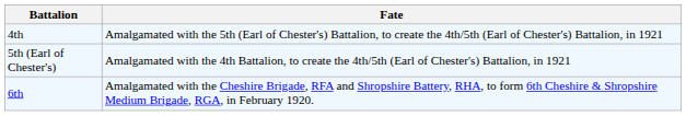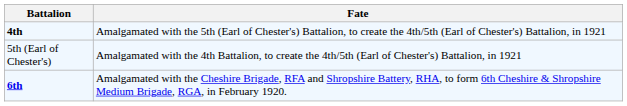 <table class="wikitable" style="width:100%;">
 <tr>
 <th>Battalion</th>
 <th>Fate</th>
 </tr>
 <tr style="background:#f0f8ff;">
-<td>4th</td>
+<td><strong>4th</strong></td>
 <td>Amalgamated with the 5th (Earl of Chester's) Battalion, to create the 4th/5th (Earl of Chester's) Battalion, in 1921</td>
 </tr>
 <tr style="background:#f0f8ff;">
 <td>5th (Earl of Chester's)</td>
 <td>Amalgamated with the 4th Battalion, to create the 4th/5th (Earl of Chester's) Battalion, in 1921</td>
 </tr>
 <tr style="background:#f0f8ff;">
-<td><a href='#'>6th</a></td>
+<td><strong><a href='#'>6th</a></strong></td>
 <td>Amalgamated with the <a href='#'>Cheshire Brigade</a>, <a href='#'>RFA</a> and <a href='#'>Shropshire Battery</a>, <a href='#'>RHA</a>, to form <a href='#'>6th Cheshire & Shropshire Medium Brigade</a>, <a href='#'>RGA</a>, in February 1920.</td>
 </tr>
 </table>
